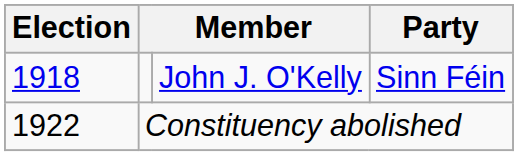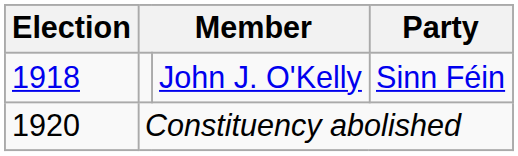 <table class="wikitable">
 <tr>
 <th>Election</th>
 <th colspan="2">Member</th>
 <th>Party</th>
 </tr>
 <tr>
 <td><a href='#'>1918</a></td>
 <td style="color:inherit;background-color: "></td>
 <td><a href='#'>John J. O'Kelly</a></td>
 <td><a href='#'>Sinn Féin</a></td>
 </tr>
 <tr>
-<td>1922</td>
+<td>1920</td>
 <td colspan="3"><em>Constituency abolished</em></td>
 </tr>
 </table>
